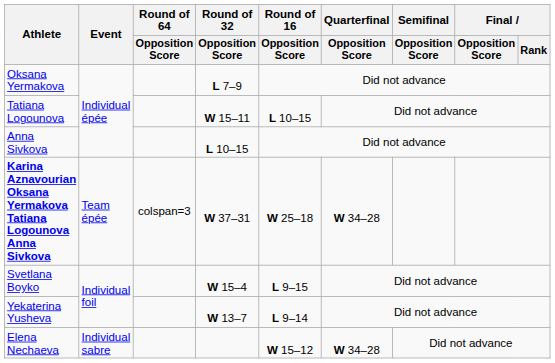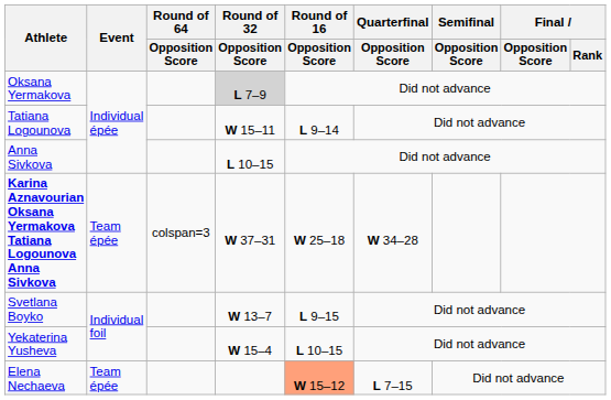 <table class="wikitable" style="font-size:90%">
 <tr>
 <th rowspan="2">Athlete</th>
 <th rowspan="2">Event</th>
 <th>Round of 64</th>
 <th>Round of 32</th>
 <th>Round of 16</th>
 <th>Quarterfinal</th>
 <th>Semifinal</th>
 <th colspan=2>Final / </th>
 </tr>
 <tr style="font-size:95%">
 <th>Opposition <br> Score</th>
 <th>Opposition <br> Score</th>
 <th>Opposition <br> Score</th>
 <th>Opposition <br> Score</th>
 <th>Opposition <br> Score</th>
 <th>Opposition <br> Score</th>
 <th>Rank</th>
 </tr>
 <tr align=center>
 <td align=left><a href='#'>Oksana Yermakova</a></td>
 <td align=left rowspan=3><a href='#'>Individual épée</a></td>
 <td></td>
-<td><br><strong>L</strong> 7–9</td>
+<td style="background: lightgrey;"><br><strong>L</strong> 7–9</td>
 <td colspan=5>Did not advance</td>
 </tr>
 <tr align=center>
 <td align=left><a href='#'>Tatiana Logounova</a></td>
 <td></td>
 <td><br><strong>W</strong> 15–11</td>
-<td><br><strong>L</strong> 10–15</td>
+<td><br><strong>L</strong> 9–14</td>
 <td colspan=4>Did not advance</td>
 </tr>
 <tr align=center>
 <td align=left><a href='#'>Anna Sivkova</a></td>
 <td></td>
 <td><br><strong>L</strong> 10–15</td>
 <td colspan=5>Did not advance</td>
 </tr>
 <tr align=center>
 <td align=left><strong><a href='#'>Karina Aznavourian</a><br><a href='#'>Oksana Yermakova</a><br><a href='#'>Tatiana Logounova</a><br><a href='#'>Anna Sivkova</a></strong></td>
 <td align=left><a href='#'>Team épée</a></td>
 <td>colspan=3 </td>
 <td><br><strong>W</strong> 37–31</td>
 <td><br><strong>W</strong> 25–18</td>
 <td><br><strong>W</strong> 34–28</td>
 <td></td>
 </tr>
 <tr align=center>
 <td align=left><a href='#'>Svetlana Boyko</a></td>
 <td align=left rowspan=2><a href='#'>Individual foil</a></td>
 <td></td>
-<td><br><strong>W</strong> 15–4</td>
+<td><br><strong>W</strong> 13–7</td>
 <td><br><strong>L</strong> 9–15</td>
 <td colspan=4>Did not advance</td>
 </tr>
 <tr align=center>
 <td align=left><a href='#'>Yekaterina Yusheva</a></td>
 <td></td>
-<td><br><strong>W</strong> 13–7</td>
-<td><br><strong>L</strong> 9–14</td>
+<td><br><strong>W</strong> 15–4</td>
+<td><br><strong>L</strong> 10–15</td>
 <td colspan=4>Did not advance</td>
 </tr>
 <tr align=center>
 <td align=left><a href='#'>Elena Nechaeva</a></td>
-<td align=left><a href='#'>Individual sabre</a></td>
+<td align=left><a href='#'>Team épée</a></td>
 <td></td>
 <td></td>
-<td><br><strong>W</strong> 15–12</td>
-<td><br><strong>W</strong> 34–28</td>
+<td style="background: lightsalmon;"><br><strong>W</strong> 15–12</td>
+<td><br><strong>L</strong> 7–15</td>
 <td colspan=3>Did not advance</td>
 </tr>
 </table>
